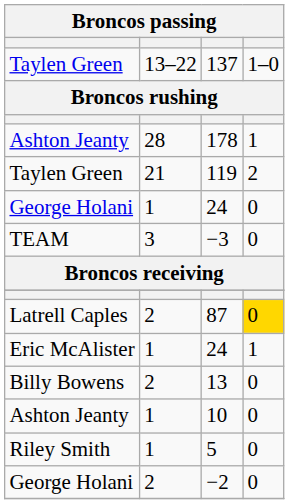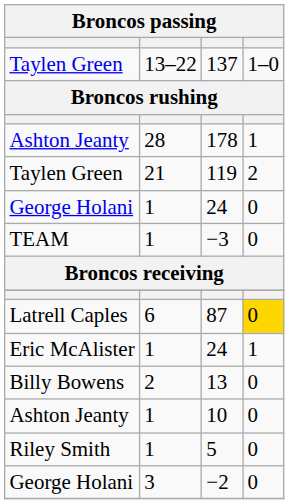 <table class="wikitable plainrowheaders">
 <tr>
 <th colspan="6">Broncos passing</th>
 </tr>
 <tr>
 <th scope="col"></th>
 <th scope="col"></th>
 <th scope="col"></th>
 <th scope="col"></th>
 </tr>
 <tr>
 <td><a href='#'>Taylen Green</a></td>
 <td>13–22</td>
 <td>137</td>
 <td>1–0</td>
 </tr>
 <tr>
 <th colspan="6">Broncos rushing</th>
 </tr>
 <tr>
 <th scope="col"></th>
 <th scope="col"></th>
 <th scope="col"></th>
 <th scope="col"></th>
 </tr>
 <tr>
 <td><a href='#'>Ashton Jeanty</a></td>
 <td>28</td>
 <td>178</td>
 <td>1</td>
 </tr>
 <tr>
 <td>Taylen Green</td>
 <td>21</td>
 <td>119</td>
 <td>2</td>
 </tr>
 <tr>
 <td><a href='#'>George Holani</a></td>
 <td>1</td>
 <td>24</td>
 <td>0</td>
 </tr>
 <tr>
 <td>TEAM</td>
-<td>3</td>
+<td>1</td>
 <td>−3</td>
 <td>0</td>
 </tr>
 <tr>
 <th colspan="6">Broncos receiving</th>
 </tr>
 <tr>
 </tr>
 <tr>
 <th scope="col"></th>
 <th scope="col"></th>
 <th scope="col"></th>
 <th scope="col"></th>
 </tr>
 <tr>
 <td>Latrell Caples</td>
-<td>2</td>
+<td>6</td>
 <td>87</td>
 <td style="background: gold;">0</td>
 </tr>
 <tr>
 <td>Eric McAlister</td>
 <td>1</td>
 <td>24</td>
 <td>1</td>
 </tr>
 <tr>
 <td>Billy Bowens</td>
 <td>2</td>
 <td>13</td>
 <td>0</td>
 </tr>
 <tr>
 <td>Ashton Jeanty</td>
 <td>1</td>
 <td>10</td>
 <td>0</td>
 </tr>
 <tr>
 <td>Riley Smith</td>
 <td>1</td>
 <td>5</td>
 <td>0</td>
 </tr>
 <tr>
 <td>George Holani</td>
-<td>2</td>
+<td>3</td>
 <td>−2</td>
 <td>0</td>
 </tr>
 <tr>
 </tr>
 </table>
